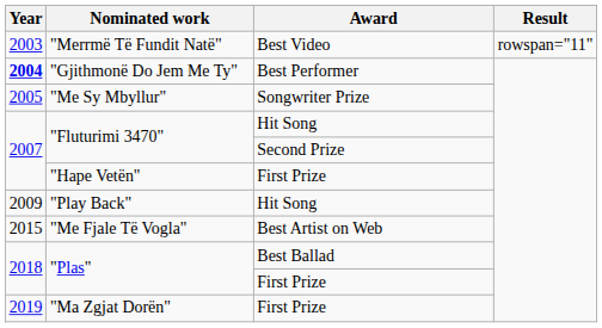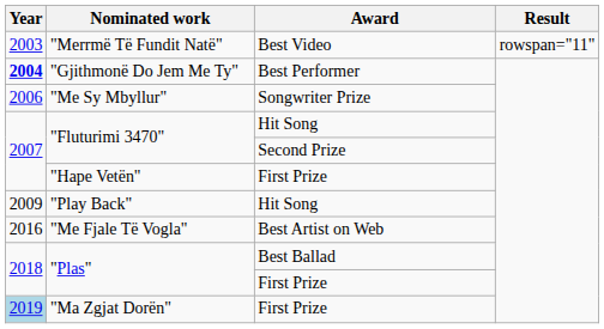 <table class="wikitable">
 <tr>
 <th>Year</th>
 <th scope="col" style="width:12em;">Nominated work</th>
 <th scope="col" style="width:14em;">Award</th>
 <th>Result</th>
 </tr>
 <tr>
 <td><a href='#'>2003</a></td>
 <td>"Merrmë Të Fundit Natë"<br></td>
 <td>Best Video</td>
 <td>rowspan="11" </td>
 </tr>
 <tr>
 <td><strong><a href='#'>2004</a></strong></td>
 <td>"Gjithmonë Do Jem Me Ty"</td>
 <td>Best Performer</td>
 </tr>
 <tr>
-<td><a href='#'>2005</a></td>
+<td><a href='#'>2006</a></td>
 <td>"Me Sy Mbyllur"</td>
 <td>Songwriter Prize</td>
 </tr>
 <tr>
 <td rowspan="3"><a href='#'>2007</a></td>
 <td rowspan="2">"Fluturimi 3470"<br></td>
 <td>Hit Song</td>
 </tr>
 <tr>
 <td>Second Prize</td>
 </tr>
 <tr>
 <td>"Hape Vetën"<br></td>
 <td>First Prize<br></td>
 </tr>
 <tr>
 <td>2009</td>
 <td>"Play Back"</td>
 <td>Hit Song</td>
 </tr>
 <tr>
-<td>2015</td>
+<td>2016</td>
 <td>"Me Fjale Të Vogla"</td>
 <td>Best Artist on Web</td>
 </tr>
 <tr>
 <td rowspan="2"><a href='#'>2018</a></td>
 <td rowspan="2">"<a href='#'>Plas</a>"</td>
 <td>Best Ballad</td>
 </tr>
 <tr>
 <td>First Prize</td>
 </tr>
 <tr>
-<td><a href='#'>2019</a></td>
+<td style="background: lightblue;"><a href='#'>2019</a></td>
 <td>"Ma Zgjat Dorën"<br></td>
 <td>First Prize<br></td>
 </tr>
 </table>
